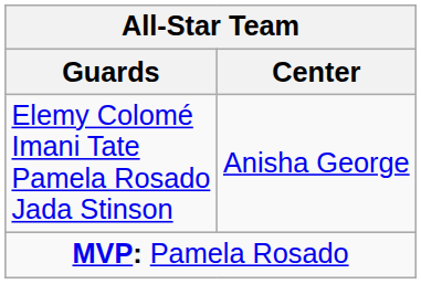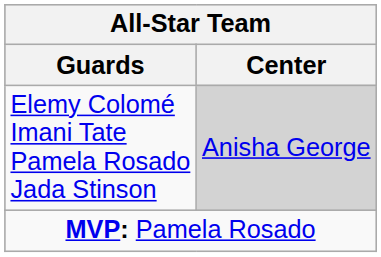 <table class=wikitable style="text-align:left; margin:auto">
 <tr>
 <th colspan=3 align=left>All-Star Team</th>
 </tr>
 <tr>
 <th>Guards</th>
 <th>Center</th>
 </tr>
 <tr>
 <td> <a href='#'>Elemy Colomé</a><br> <a href='#'>Imani Tate</a><br> <a href='#'>Pamela Rosado</a><br> <a href='#'>Jada Stinson</a></td>
-<td> <a href='#'>Anisha George</a></td>
+<td style="background: lightgrey;"> <a href='#'>Anisha George</a></td>
 </tr>
 <tr>
 <td colspan=3 align=center><strong><a href='#'>MVP</a>:</strong>  <a href='#'>Pamela Rosado</a></td>
 </tr>
 </table>
